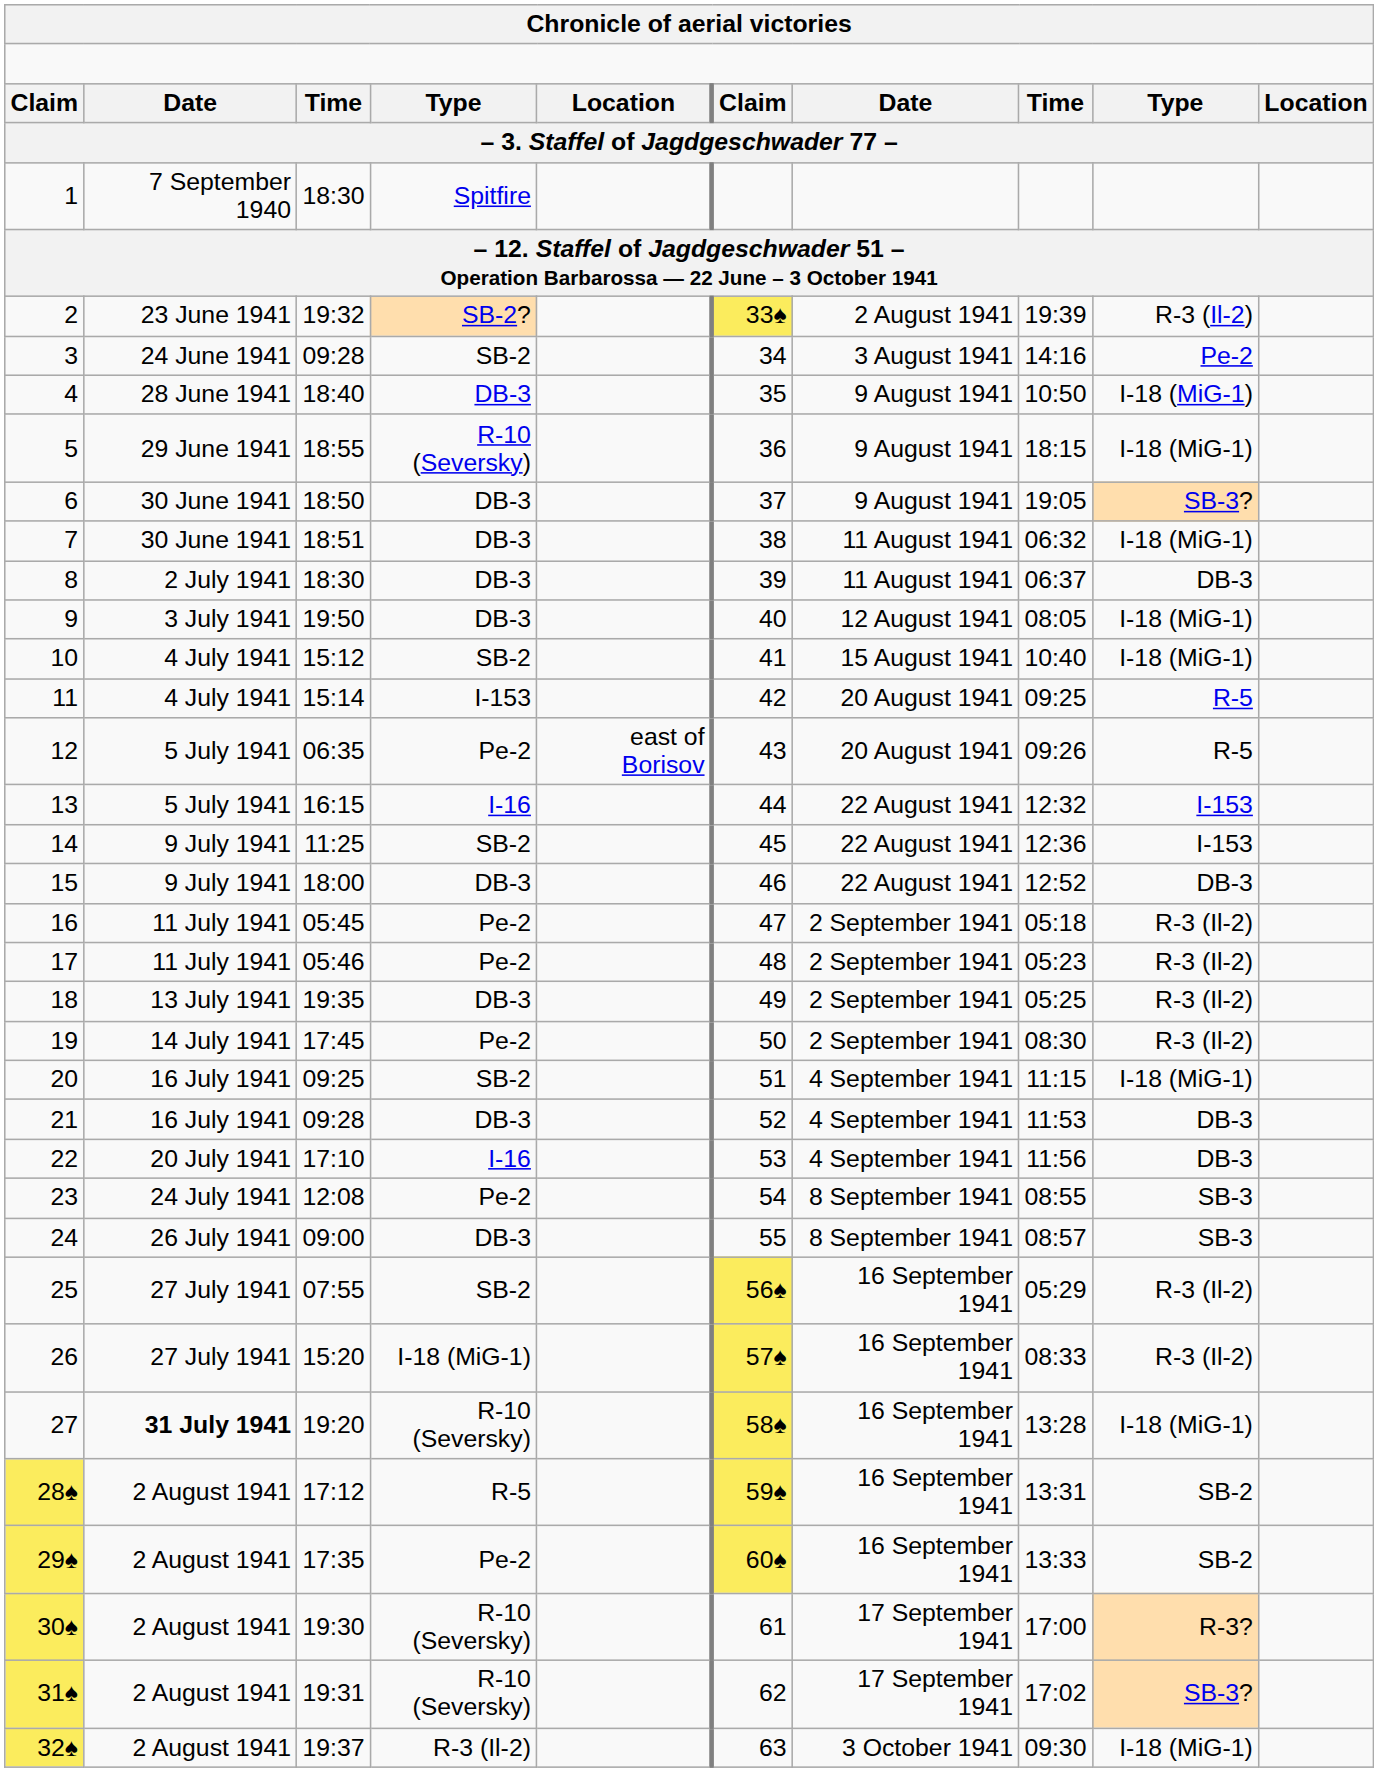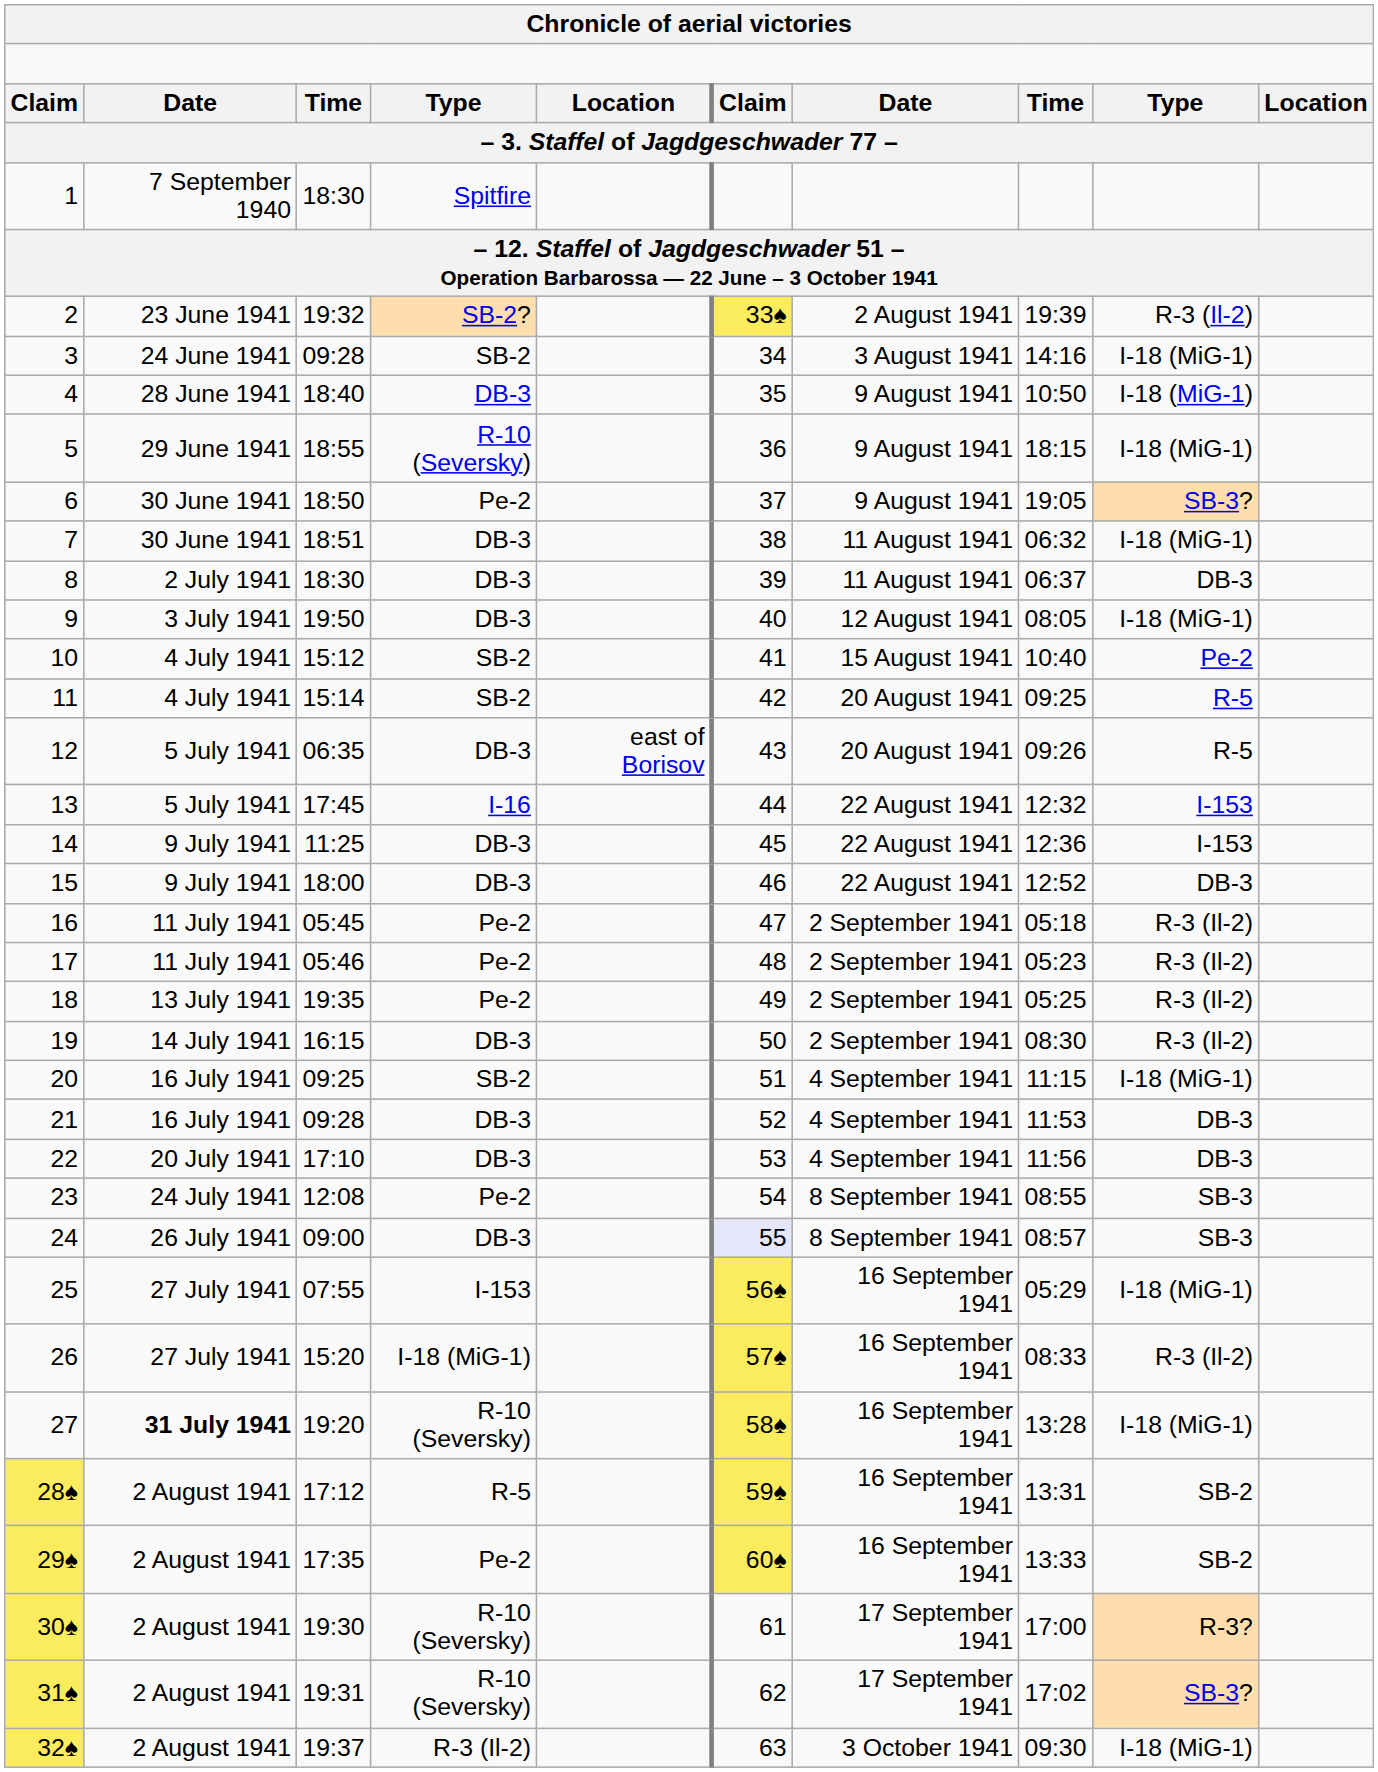 <table class="wikitable plainrowheaders collapsible" style="margin-left: auto; margin-right: auto; border: none; text-align:right; width: 100%;">
 <tr>
 <th colspan="10">Chronicle of aerial victories</th>
 </tr>
 <tr>
 <td colspan="10" style="text-align: left;"><br> </td>
 </tr>
 <tr>
 <th scope="col">Claim</th>
 <th scope="col">Date</th>
 <th scope="col">Time</th>
 <th scope="col" width="100px">Type</th>
 <th scope="col">Location</th>
 <th scope="col" style="border-left: 3px solid grey;">Claim</th>
 <th scope="col">Date</th>
 <th scope="col">Time</th>
 <th scope="col" width="100px">Type</th>
 <th scope="col">Location</th>
 </tr>
 <tr>
 <th colspan="10">– 3. <em>Staffel</em> of <em>Jagdgeschwader</em> 77 –</th>
 </tr>
 <tr>
 <td>1</td>
 <td>7 September 1940</td>
 <td>18:30</td>
 <td><a href='#'>Spitfire</a></td>
 <td></td>
 <td style="border-left: 3px solid grey;"></td>
 <td></td>
 <td></td>
 <td></td>
 <td></td>
 </tr>
 <tr>
 <th colspan="10">– 12. <em>Staffel</em> of <em>Jagdgeschwader</em> 51 –<br><small>Operation Barbarossa — 22 June – 3 October 1941</small></th>
 </tr>
 <tr>
 <td>2</td>
 <td>23 June 1941</td>
 <td>19:32</td>
 <td style="background:#ffdead"><a href='#'>SB-2</a>?</td>
 <td></td>
 <td style="border-left: 3px solid grey; background:#fbec5d;">33♠</td>
 <td>2 August 1941</td>
 <td>19:39</td>
 <td>R-3 (<a href='#'>Il-2</a>)</td>
 <td></td>
 </tr>
 <tr>
 <td>3</td>
 <td>24 June 1941</td>
 <td>09:28</td>
 <td>SB-2</td>
 <td></td>
 <td style="border-left: 3px solid grey;">34</td>
 <td>3 August 1941</td>
 <td>14:16</td>
-<td><a href='#'>Pe-2</a></td>
+<td>I-18 (MiG-1)</td>
 <td></td>
 </tr>
 <tr>
 <td>4</td>
 <td>28 June 1941</td>
 <td>18:40</td>
 <td><a href='#'>DB-3</a></td>
 <td></td>
 <td style="border-left: 3px solid grey;">35</td>
 <td>9 August 1941</td>
 <td>10:50</td>
 <td>I-18 (<a href='#'>MiG-1</a>)</td>
 <td></td>
 </tr>
 <tr>
 <td>5</td>
 <td>29 June 1941</td>
 <td>18:55</td>
 <td><a href='#'>R-10</a> (<a href='#'>Seversky</a>)</td>
 <td></td>
 <td style="border-left: 3px solid grey;">36</td>
 <td>9 August 1941</td>
 <td>18:15</td>
 <td>I-18 (MiG-1)</td>
 <td></td>
 </tr>
 <tr>
 <td>6</td>
 <td>30 June 1941</td>
 <td>18:50</td>
-<td>DB-3</td>
+<td>Pe-2</td>
 <td></td>
 <td style="border-left: 3px solid grey;">37</td>
 <td>9 August 1941</td>
 <td>19:05</td>
 <td style="background:#ffdead"><a href='#'>SB-3</a>?</td>
 <td></td>
 </tr>
 <tr>
 <td>7</td>
 <td>30 June 1941</td>
 <td>18:51</td>
 <td>DB-3</td>
 <td></td>
 <td style="border-left: 3px solid grey;">38</td>
 <td>11 August 1941</td>
 <td>06:32</td>
 <td>I-18 (MiG-1)</td>
 <td></td>
 </tr>
 <tr>
 <td>8</td>
 <td>2 July 1941</td>
 <td>18:30</td>
 <td>DB-3</td>
 <td></td>
 <td style="border-left: 3px solid grey;">39</td>
 <td>11 August 1941</td>
 <td>06:37</td>
 <td>DB-3</td>
 <td></td>
 </tr>
 <tr>
 <td>9</td>
 <td>3 July 1941</td>
 <td>19:50</td>
 <td>DB-3</td>
 <td></td>
 <td style="border-left: 3px solid grey;">40</td>
 <td>12 August 1941</td>
 <td>08:05</td>
 <td>I-18 (MiG-1)</td>
 <td></td>
 </tr>
 <tr>
 <td>10</td>
 <td>4 July 1941</td>
 <td>15:12</td>
 <td>SB-2</td>
 <td></td>
 <td style="border-left: 3px solid grey;">41</td>
 <td>15 August 1941</td>
 <td>10:40</td>
-<td>I-18 (MiG-1)</td>
+<td><a href='#'>Pe-2</a></td>
 <td></td>
 </tr>
 <tr>
 <td>11</td>
 <td>4 July 1941</td>
 <td>15:14</td>
-<td>I-153</td>
+<td>SB-2</td>
 <td></td>
 <td style="border-left: 3px solid grey;">42</td>
 <td>20 August 1941</td>
 <td>09:25</td>
 <td><a href='#'>R-5</a></td>
 <td></td>
 </tr>
 <tr>
 <td>12</td>
 <td>5 July 1941</td>
 <td>06:35</td>
-<td>Pe-2</td>
+<td>DB-3</td>
 <td> east of <a href='#'>Borisov</a></td>
 <td style="border-left: 3px solid grey;">43</td>
 <td>20 August 1941</td>
 <td>09:26</td>
 <td>R-5</td>
 <td></td>
 </tr>
 <tr>
 <td>13</td>
 <td>5 July 1941</td>
-<td>16:15</td>
+<td>17:45</td>
 <td><a href='#'>I-16</a></td>
 <td></td>
 <td style="border-left: 3px solid grey;">44</td>
 <td>22 August 1941</td>
 <td>12:32</td>
 <td><a href='#'>I-153</a></td>
 <td></td>
 </tr>
 <tr>
 <td>14</td>
 <td>9 July 1941</td>
 <td>11:25</td>
-<td>SB-2</td>
+<td>DB-3</td>
 <td></td>
 <td style="border-left: 3px solid grey;">45</td>
 <td>22 August 1941</td>
 <td>12:36</td>
 <td>I-153</td>
 <td></td>
 </tr>
 <tr>
 <td>15</td>
 <td>9 July 1941</td>
 <td>18:00</td>
 <td>DB-3</td>
 <td></td>
 <td style="border-left: 3px solid grey;">46</td>
 <td>22 August 1941</td>
 <td>12:52</td>
 <td>DB-3</td>
 <td></td>
 </tr>
 <tr>
 <td>16</td>
 <td>11 July 1941</td>
 <td>05:45</td>
 <td>Pe-2</td>
 <td></td>
 <td style="border-left: 3px solid grey;">47</td>
 <td>2 September 1941</td>
 <td>05:18</td>
 <td>R-3 (Il-2)</td>
 <td></td>
 </tr>
 <tr>
 <td>17</td>
 <td>11 July 1941</td>
 <td>05:46</td>
 <td>Pe-2</td>
 <td></td>
 <td style="border-left: 3px solid grey;">48</td>
 <td>2 September 1941</td>
 <td>05:23</td>
 <td>R-3 (Il-2)</td>
 <td></td>
 </tr>
 <tr>
 <td>18</td>
 <td>13 July 1941</td>
 <td>19:35</td>
-<td>DB-3</td>
+<td>Pe-2</td>
 <td></td>
 <td style="border-left: 3px solid grey;">49</td>
 <td>2 September 1941</td>
 <td>05:25</td>
 <td>R-3 (Il-2)</td>
 <td></td>
 </tr>
 <tr>
 <td>19</td>
 <td>14 July 1941</td>
-<td>17:45</td>
-<td>Pe-2</td>
+<td>16:15</td>
+<td>DB-3</td>
 <td></td>
 <td style="border-left: 3px solid grey;">50</td>
 <td>2 September 1941</td>
 <td>08:30</td>
 <td>R-3 (Il-2)</td>
 <td></td>
 </tr>
 <tr>
 <td>20</td>
 <td>16 July 1941</td>
 <td>09:25</td>
 <td>SB-2</td>
 <td></td>
 <td style="border-left: 3px solid grey;">51</td>
 <td>4 September 1941</td>
 <td>11:15</td>
 <td>I-18 (MiG-1)</td>
 <td></td>
 </tr>
 <tr>
 <td>21</td>
 <td>16 July 1941</td>
 <td>09:28</td>
 <td>DB-3</td>
 <td></td>
 <td style="border-left: 3px solid grey;">52</td>
 <td>4 September 1941</td>
 <td>11:53</td>
 <td>DB-3</td>
 <td></td>
 </tr>
 <tr>
 <td>22</td>
 <td>20 July 1941</td>
 <td>17:10</td>
-<td><a href='#'>I-16</a></td>
+<td>DB-3</td>
 <td></td>
 <td style="border-left: 3px solid grey;">53</td>
 <td>4 September 1941</td>
 <td>11:56</td>
 <td>DB-3</td>
 <td></td>
 </tr>
 <tr>
 <td>23</td>
 <td>24 July 1941</td>
 <td>12:08</td>
 <td>Pe-2</td>
 <td></td>
 <td style="border-left: 3px solid grey;">54</td>
 <td>8 September 1941</td>
 <td>08:55</td>
 <td>SB-3</td>
 <td></td>
 </tr>
 <tr>
 <td>24</td>
 <td>26 July 1941</td>
 <td>09:00</td>
 <td>DB-3</td>
 <td></td>
-<td style="border-left: 3px solid grey;">55</td>
+<td style="background: lavender; border-left: 3px solid grey;">55</td>
 <td>8 September 1941</td>
 <td>08:57</td>
 <td>SB-3</td>
 <td></td>
 </tr>
 <tr>
 <td>25</td>
 <td>27 July 1941</td>
 <td>07:55</td>
-<td>SB-2</td>
+<td>I-153</td>
 <td></td>
 <td style="border-left: 3px solid grey; background:#fbec5d;">56♠</td>
 <td>16 September 1941</td>
 <td>05:29</td>
-<td>R-3 (Il-2)</td>
+<td>I-18 (MiG-1)</td>
 <td></td>
 </tr>
 <tr>
 <td>26</td>
 <td>27 July 1941</td>
 <td>15:20</td>
 <td>I-18 (MiG-1)</td>
 <td></td>
 <td style="border-left: 3px solid grey; background:#fbec5d;">57♠</td>
 <td>16 September 1941</td>
 <td>08:33</td>
 <td>R-3 (Il-2)</td>
 <td></td>
 </tr>
 <tr>
 <td>27</td>
 <td><strong>31 July 1941</strong></td>
 <td>19:20</td>
 <td>R-10 (Seversky)</td>
 <td></td>
 <td style="border-left: 3px solid grey; background:#fbec5d;">58♠</td>
 <td>16 September 1941</td>
 <td>13:28</td>
 <td>I-18 (MiG-1)</td>
 <td></td>
 </tr>
 <tr>
 <td style="background:#fbec5d;">28♠</td>
 <td>2 August 1941</td>
 <td>17:12</td>
 <td>R-5</td>
 <td></td>
 <td style="border-left: 3px solid grey; background:#fbec5d;">59♠</td>
 <td>16 September 1941</td>
 <td>13:31</td>
 <td>SB-2</td>
 <td></td>
 </tr>
 <tr>
 <td style="background:#fbec5d;">29♠</td>
 <td>2 August 1941</td>
 <td>17:35</td>
 <td>Pe-2</td>
 <td></td>
 <td style="border-left: 3px solid grey; background:#fbec5d;">60♠</td>
 <td>16 September 1941</td>
 <td>13:33</td>
 <td>SB-2</td>
 <td></td>
 </tr>
 <tr>
 <td style="background:#fbec5d;">30♠</td>
 <td>2 August 1941</td>
 <td>19:30</td>
 <td>R-10 (Seversky)</td>
 <td></td>
 <td style="border-left: 3px solid grey;">61</td>
 <td>17 September 1941</td>
 <td>17:00</td>
 <td style="background:#ffdead">R-3?</td>
 <td></td>
 </tr>
 <tr>
 <td style="background:#fbec5d;">31♠</td>
 <td>2 August 1941</td>
 <td>19:31</td>
 <td>R-10 (Seversky)</td>
 <td></td>
 <td style="border-left: 3px solid grey;">62</td>
 <td>17 September 1941</td>
 <td>17:02</td>
 <td style="background:#ffdead"><a href='#'>SB-3</a>?</td>
 <td></td>
 </tr>
 <tr>
 <td style="background:#fbec5d;">32♠</td>
 <td>2 August 1941</td>
 <td>19:37</td>
 <td>R-3 (Il-2)</td>
 <td></td>
 <td style="border-left: 3px solid grey;">63</td>
 <td>3 October 1941</td>
 <td>09:30</td>
 <td>I-18 (MiG-1)</td>
 <td></td>
 </tr>
 </table>
